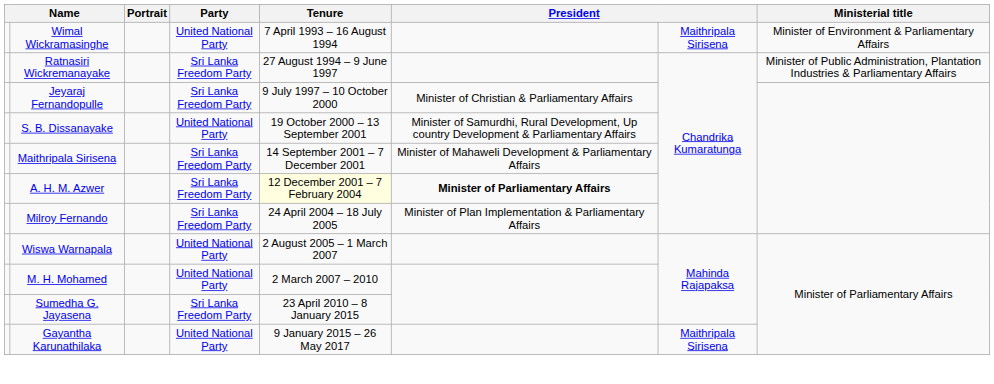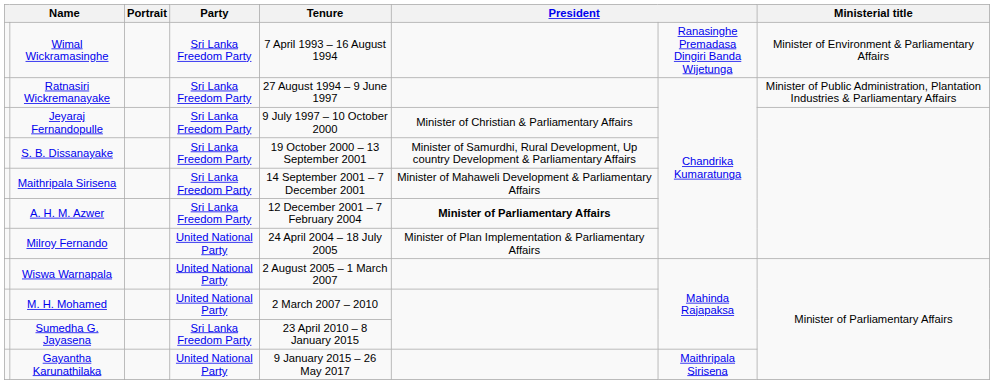 <table class="wikitable" style="margin:1em auto; font-size:90%; text-align:center;">
 <tr>
 <th colspan="2">Name</th>
 <th>Portrait</th>
 <th>Party</th>
 <th>Tenure</th>
 <th colspan="2"><a href='#'>President</a></th>
 <th>Ministerial title</th>
 </tr>
 <tr>
 <td !align="center" style="background:"></td>
 <td><a href='#'>Wimal Wickramasinghe</a></td>
 <td></td>
-<td><a href='#'>United National Party</a></td>
+<td><a href='#'>Sri Lanka Freedom Party</a></td>
 <td>7 April 1993 – 16 August 1994</td>
 <td style="background:"></td>
-<td><a href='#'>Maithripala Sirisena</a></td>
+<td><a href='#'>Ranasinghe Premadasa</a><br><a href='#'>Dingiri Banda Wijetunga</a></td>
 <td>Minister of Environment & Parliamentary Affairs</td>
 </tr>
 <tr>
 <td !align="center" style="background:"></td>
 <td><a href='#'>Ratnasiri Wickremanayake</a></td>
 <td></td>
 <td><a href='#'>Sri Lanka Freedom Party</a></td>
 <td>27 August 1994 – 9 June 1997</td>
 <td style="background:"></td>
 <td rowspan="6"><a href='#'>Chandrika Kumaratunga</a></td>
 <td>Minister of Public Administration, Plantation Industries & Parliamentary Affairs</td>
 </tr>
 <tr>
 <td !align="center" style="background:"></td>
 <td><a href='#'>Jeyaraj Fernandopulle</a></td>
 <td></td>
 <td><a href='#'>Sri Lanka Freedom Party</a></td>
 <td>9 July 1997 – 10 October 2000</td>
 <td>Minister of Christian & Parliamentary Affairs</td>
 </tr>
 <tr>
 <td !align="center" style="background:"></td>
 <td><a href='#'>S. B. Dissanayake</a></td>
 <td></td>
-<td><a href='#'>United National Party</a></td>
+<td><a href='#'>Sri Lanka Freedom Party</a></td>
 <td>19 October 2000 – 13 September 2001</td>
 <td>Minister of Samurdhi, Rural Development, Up country Development & Parliamentary Affairs</td>
 </tr>
 <tr>
 <td !align="center" style="background:"></td>
 <td><a href='#'>Maithripala Sirisena</a></td>
 <td></td>
 <td><a href='#'>Sri Lanka Freedom Party</a></td>
 <td>14 September 2001 – 7 December 2001</td>
 <td>Minister of Mahaweli Development & Parliamentary Affairs</td>
 </tr>
 <tr>
 <td !align="center" style="background:"></td>
 <td><a href='#'>A. H. M. Azwer</a></td>
 <td></td>
 <td><a href='#'>Sri Lanka Freedom Party</a></td>
-<td style="background: lightyellow;">12 December 2001 – 7 February 2004</td>
+<td>12 December 2001 – 7 February 2004</td>
 <td><strong>Minister of Parliamentary Affairs</strong></td>
 </tr>
 <tr>
 <td !align="center" style="background:"></td>
 <td><a href='#'>Milroy Fernando</a></td>
 <td></td>
-<td><a href='#'>Sri Lanka Freedom Party</a></td>
+<td><a href='#'>United National Party</a></td>
 <td>24 April 2004 – 18 July 2005</td>
 <td>Minister of Plan Implementation & Parliamentary Affairs</td>
 </tr>
 <tr>
 <td !align="center" style="background:"></td>
 <td><a href='#'>Wiswa Warnapala</a></td>
 <td></td>
 <td><a href='#'>United National Party</a></td>
 <td>2 August 2005 – 1 March 2007</td>
 <td style="background:"></td>
 <td rowspan="3"><a href='#'>Mahinda Rajapaksa</a></td>
 <td rowspan="4">Minister of Parliamentary Affairs</td>
 </tr>
 <tr>
 <td !align="center" style="background:"></td>
 <td><a href='#'>M. H. Mohamed</a></td>
 <td></td>
 <td><a href='#'>United National Party</a></td>
 <td>2 March 2007 – 2010</td>
 </tr>
 <tr>
 <td !align="center" style="background:"></td>
 <td><a href='#'>Sumedha G. Jayasena</a></td>
 <td></td>
 <td><a href='#'>Sri Lanka Freedom Party</a></td>
 <td>23 April 2010 – 8 January 2015</td>
 </tr>
 <tr>
 <td !align="center" style="background:"></td>
 <td><a href='#'>Gayantha Karunathilaka</a></td>
 <td></td>
 <td><a href='#'>United National Party</a></td>
 <td>9 January 2015 – 26 May 2017</td>
 <td style="background:"></td>
 <td><a href='#'>Maithripala Sirisena</a></td>
 </tr>
 </table>
